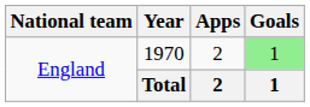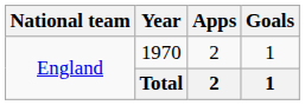 <table class="wikitable" style="text-align: center;">
 <tr>
 <th>National team</th>
 <th>Year</th>
 <th>Apps</th>
 <th>Goals</th>
 </tr>
 <tr>
 <td rowspan="2"><a href='#'>England</a></td>
 <td>1970</td>
 <td>2</td>
-<td style="background: lightgreen;">1</td>
+<td>1</td>
 </tr>
 <tr>
 <th colspan="1">Total</th>
 <th>2</th>
 <th>1</th>
 </tr>
 </table>
